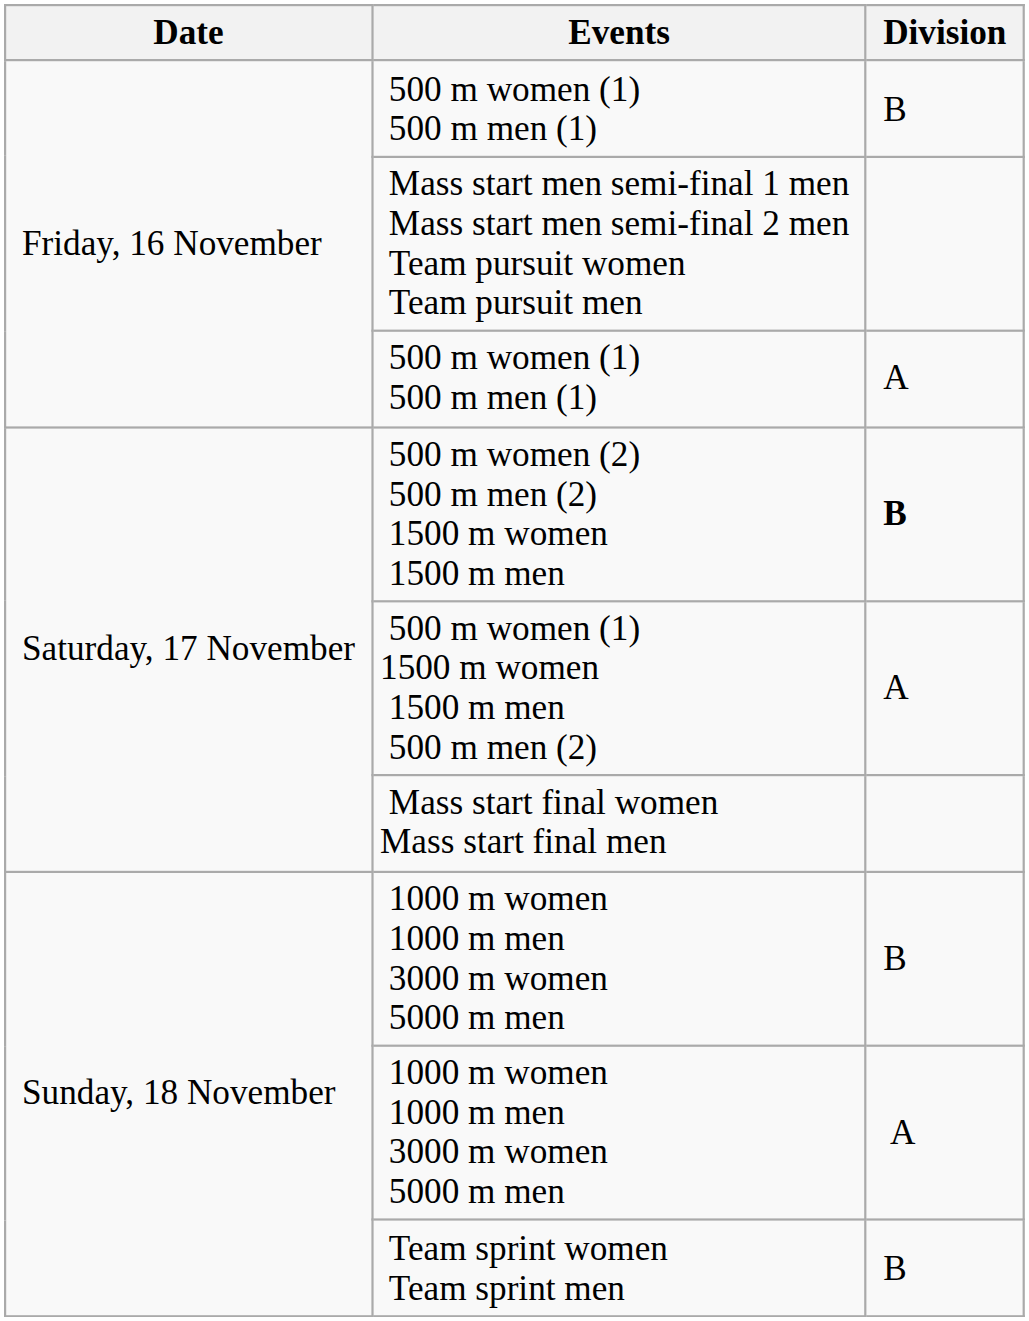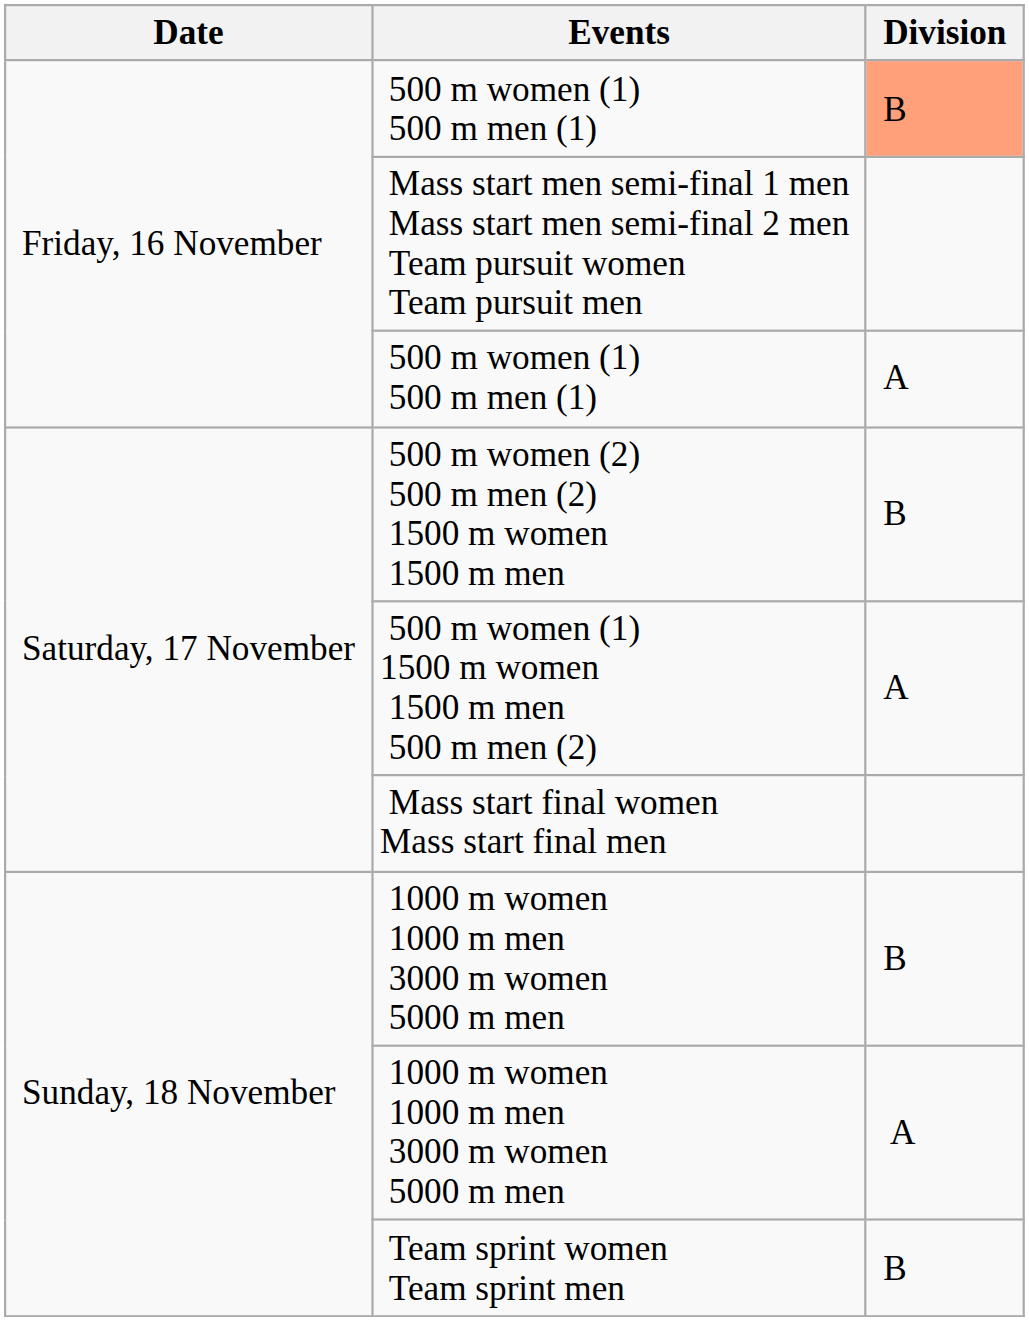 <table class="wikitable" border="1">
 <tr>
 <th> Date </th>
 <th> Events </th>
 <th> Division </th>
 </tr>
 <tr>
 <td rowspan=3> Friday, 16 November </td>
 <td> 500 m women (1) <br> 500 m men (1) </td>
-<td> B </td>
+<td style="background: lightsalmon;"> B </td>
 </tr>
 <tr>
 <td> Mass start men semi-final 1 men  <br>  Mass start men semi-final 2 men  <br>  Team pursuit women  <br> Team pursuit men </td>
 <td></td>
 </tr>
 <tr>
 <td> 500 m women (1) <br> 500 m men (1) </td>
 <td> A </td>
 </tr>
 <tr>
 <td rowspan=3> Saturday, 17 November </td>
 <td> 500 m women (2) <br> 500 m men (2) <br> 1500 m women <br> 1500 m men </td>
-<td><strong> B </strong></td>
+<td> B </td>
 </tr>
 <tr>
 <td> 500 m women (1)  <br> 1500 m women <br> 1500 m men <br> 500 m men (2) </td>
 <td> A </td>
 </tr>
 <tr>
 <td> Mass start final women   <br> Mass start final men </td>
 <td></td>
 </tr>
 <tr>
 <td rowspan=3> Sunday, 18 November </td>
 <td> 1000 m women <br> 1000 m men <br> 3000 m women <br> 5000 m men </td>
 <td> B </td>
 </tr>
 <tr>
 <td> 1000 m women <br> 1000 m men <br> 3000 m women <br> 5000 m men </td>
 <td>  A </td>
 </tr>
 <tr>
 <td> Team sprint women <br> Team sprint men </td>
 <td> B </td>
 </tr>
 </table>
